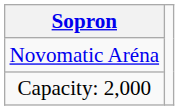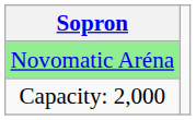 <table class="wikitable" style="text-align:center;">
 <tr>
 <th><a href='#'>Sopron</a></th>
 <td rowspan="4"><br></td>
 </tr>
 <tr>
-<td><a href='#'>Novomatic Aréna</a></td>
+<td style="background: lightgreen;"><a href='#'>Novomatic Aréna</a></td>
 </tr>
 <tr>
 <td>Capacity: 2,000</td>
 </tr>
 </table>
